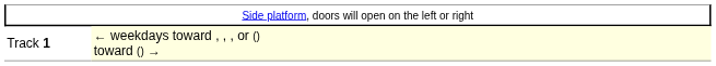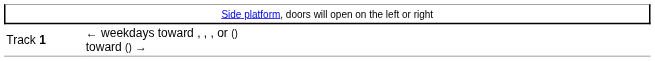 <table table border=0 cellspacing=0 cellpadding=3>
 <tr>
 <td style="border-top:solid 1px gray;border-right:solid 2px black;border-left:solid 2px black;border-bottom:solid 2px black;text-align:center;" colspan=2><small><a href='#'>Side platform</a>, doors will open on the left or right</small> </td>
 </tr>
 <tr>
 <td style="border-bottom:solid 1px gray;" width=100>Track <strong>1</strong></td>
-<td style="background: lightyellow; border-bottom:solid 1px gray;" width=750>←  weekdays toward , , , or  <small>()</small><br>  toward  <small>()</small> →</td>
+<td style="border-bottom:solid 1px gray;" width=750>←  weekdays toward , , , or  <small>()</small><br>  toward  <small>()</small> →</td>
 </tr>
 </table>
